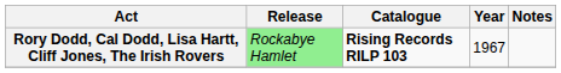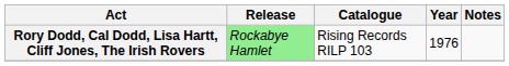 <table class="wikitable plainrowheaders sortable">
 <tr>
 <th scope="col" class="unsortable">Act</th>
 <th scope="col">Release</th>
 <th scope="col">Catalogue</th>
 <th scope="col">Year</th>
 <th scope="col" class="unsortable">Notes</th>
 </tr>
 <tr>
 <th scope="row">Rory Dodd, Cal Dodd, Lisa Hartt, Cliff Jones, The Irish Rovers</th>
 <td style="background: lightgreen;"><em>Rockabye Hamlet</em></td>
-<td><strong>Rising Records RILP 103</strong></td>
-<td>1967</td>
+<td>Rising Records RILP 103</td>
+<td>1976</td>
 <td></td>
 </tr>
 <tr>
 </tr>
 </table>
